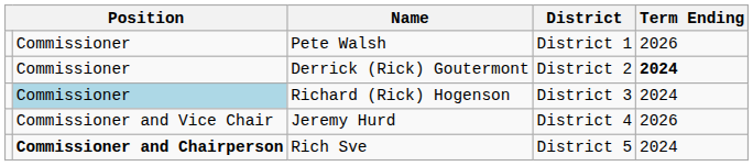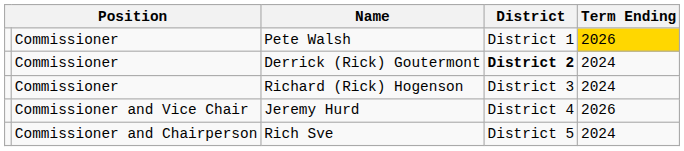 <table class="wikitable">
 <tr>
 <th colspan="2">Position</th>
 <th>Name</th>
 <th>District</th>
 <th>Term Ending</th>
 </tr>
 <tr>
 <td></td>
 <td>Commissioner</td>
 <td>Pete Walsh</td>
 <td>District 1</td>
-<td>2026</td>
+<td style="background: gold;">2026</td>
 </tr>
 <tr>
 <td></td>
 <td>Commissioner</td>
 <td>Derrick (Rick) Goutermont</td>
-<td>District 2</td>
-<td><strong>2024</strong></td>
+<td><strong>District 2</strong></td>
+<td>2024</td>
 </tr>
 <tr>
 <td></td>
-<td style="background: lightblue;">Commissioner</td>
+<td>Commissioner</td>
 <td>Richard (Rick) Hogenson</td>
 <td>District 3</td>
 <td>2024</td>
 </tr>
 <tr>
 <td></td>
 <td>Commissioner and Vice Chair</td>
 <td>Jeremy Hurd</td>
 <td>District 4</td>
 <td>2026</td>
 </tr>
 <tr>
 <td></td>
-<td><strong>Commissioner and Chairperson</strong></td>
+<td>Commissioner and Chairperson</td>
 <td>Rich Sve</td>
 <td>District 5</td>
 <td>2024</td>
 </tr>
 </table>
